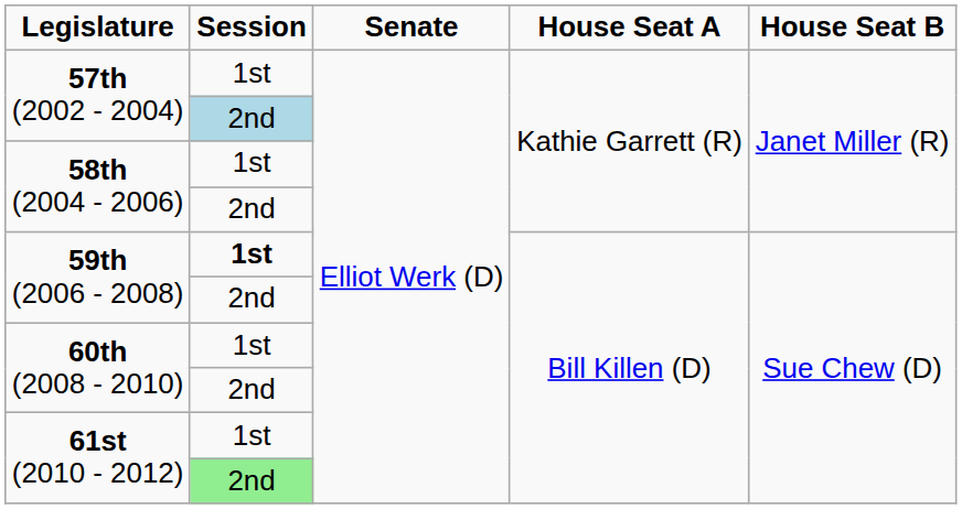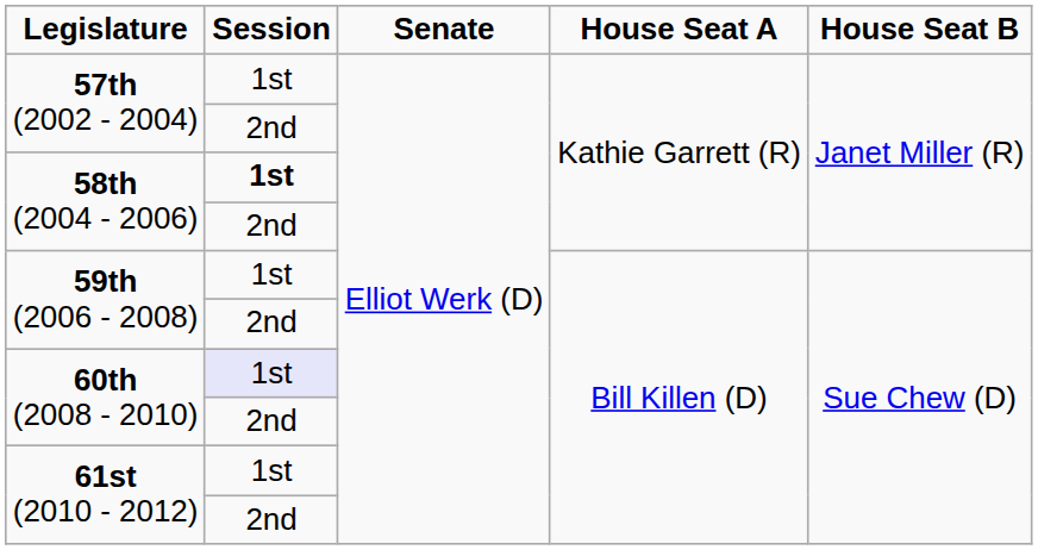 <table class=wikitable style="text-align:center">
 <tr>
 <td><strong>Legislature</strong></td>
 <td><strong>Session</strong></td>
 <td><strong>Senate</strong></td>
 <td><strong>House Seat A</strong></td>
 <td><strong>House Seat B</strong></td>
 </tr>
 <tr>
 <td rowspan="2" colspan="1" style="text-align: center;"><strong>57th</strong> <br> (2002 - 2004)</td>
 <td>1st</td>
 <td rowspan="10" colspan="1" style="text-align: center;" ><a href='#'>Elliot Werk</a> (D)</td>
 <td rowspan="4" colspan="1" style="text-align: center;" >Kathie Garrett (R)</td>
 <td rowspan="4" colspan="1" style="text-align: center;" ><a href='#'>Janet Miller</a> (R)</td>
 </tr>
 <tr>
-<td style="background: lightblue;">2nd</td>
+<td>2nd</td>
 </tr>
 <tr>
 <td rowspan="2" colspan="1" style="text-align: center;"><strong>58th</strong> <br> (2004 - 2006)</td>
-<td>1st</td>
+<td><strong>1st</strong></td>
 </tr>
 <tr>
 <td>2nd</td>
 </tr>
 <tr>
 <td rowspan="2" colspan="1" style="text-align: center;"><strong>59th</strong> <br> (2006 - 2008)</td>
-<td><strong>1st</strong></td>
+<td>1st</td>
 <td rowspan="6" colspan="1" style="text-align: center;" ><a href='#'>Bill Killen</a> (D)</td>
 <td rowspan="6" colspan="1" style="text-align: center;" ><a href='#'>Sue Chew</a> (D)</td>
 </tr>
 <tr>
 <td>2nd</td>
 </tr>
 <tr>
 <td rowspan="2" colspan="1" style="text-align: center;"><strong>60th</strong> <br> (2008 - 2010)</td>
-<td>1st</td>
+<td style="background: lavender;">1st</td>
 </tr>
 <tr>
 <td>2nd</td>
 </tr>
 <tr>
 <td rowspan="2" colspan="1" style="text-align: center;"><strong>61st</strong> <br> (2010 - 2012)</td>
 <td>1st</td>
 </tr>
 <tr>
-<td style="background: lightgreen;">2nd</td>
+<td>2nd</td>
 </tr>
 </table>
